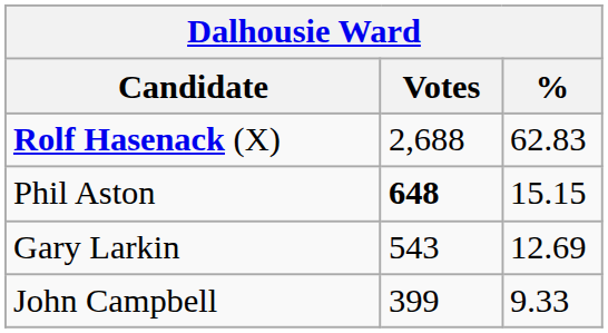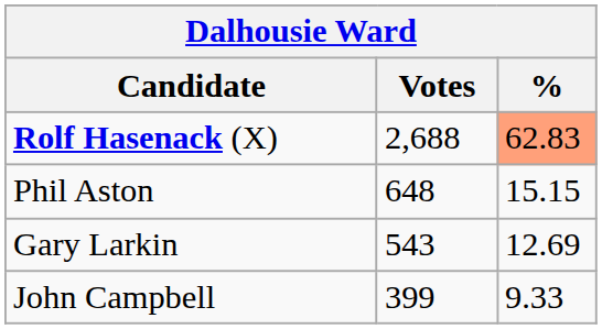 <table class="wikitable">
 <tr>
 <th colspan="3"><a href='#'>Dalhousie Ward</a></th>
 </tr>
 <tr>
 <th style="width: 170px">Candidate</th>
 <th style="width: 50px">Votes</th>
 <th style="width: 40px">%</th>
 </tr>
 <tr>
 <td><strong><a href='#'>Rolf Hasenack</a></strong> (X)</td>
 <td>2,688</td>
-<td>62.83</td>
+<td style="background: lightsalmon;">62.83</td>
 </tr>
 <tr>
 <td>Phil Aston</td>
-<td><strong>648</strong></td>
+<td>648</td>
 <td>15.15</td>
 </tr>
 <tr>
 <td>Gary Larkin</td>
 <td>543</td>
 <td>12.69</td>
 </tr>
 <tr>
 <td>John Campbell</td>
 <td>399</td>
 <td>9.33</td>
 </tr>
 </table>
